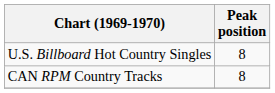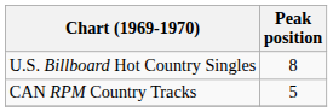 <table class="wikitable sortable">
 <tr>
 <th align="left">Chart (1969-1970)</th>
 <th align="center">Peak<br>position</th>
 </tr>
 <tr>
 <td align="left">U.S. <em>Billboard</em> Hot Country Singles</td>
 <td align="center">8</td>
 </tr>
 <tr>
 <td align="left">CAN <em>RPM</em> Country Tracks</td>
-<td align="center">8</td>
+<td align="center">5</td>
 </tr>
 <tr>
 </tr>
 </table>
